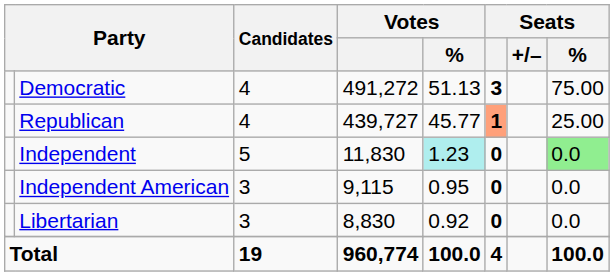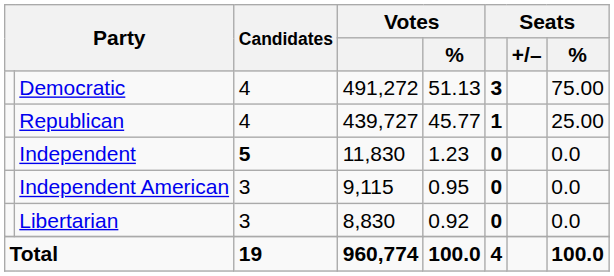 <table class="wikitable" style="font-size: 95%;">
 <tr>
 <th colspan="2" rowspan="2">Party</th>
 <th rowspan="2"><small>Candi</small><small>dates</small></th>
 <th colspan="2">Votes</th>
 <th colspan="3">Seats</th>
 </tr>
 <tr>
 <th></th>
 <th>%</th>
 <th></th>
 <th>+/–</th>
 <th>%</th>
 </tr>
 <tr>
 <td style="background:"></td>
 <td align="left"><a href='#'>Democratic</a></td>
 <td>4</td>
 <td>491,272</td>
 <td>51.13</td>
 <td><strong>3</strong></td>
 <td></td>
 <td>75.00</td>
 </tr>
 <tr>
 <td style="background:"></td>
 <td align="left"><a href='#'>Republican</a></td>
 <td>4</td>
 <td>439,727</td>
 <td>45.77</td>
-<td style="background: lightsalmon;"><strong>1</strong></td>
+<td><strong>1</strong></td>
 <td></td>
 <td>25.00</td>
 </tr>
 <tr>
 <td style="background:"></td>
 <td align="left"><a href='#'>Independent</a></td>
-<td>5</td>
+<td><strong>5</strong></td>
 <td>11,830</td>
-<td style="background: paleturquoise;">1.23</td>
+<td>1.23</td>
 <td><strong>0</strong></td>
 <td></td>
-<td style="background: lightgreen;">0.0</td>
+<td>0.0</td>
 </tr>
 <tr>
 <td style="background:"></td>
 <td align="left"><a href='#'>Independent American</a></td>
 <td>3</td>
 <td>9,115</td>
 <td>0.95</td>
 <td><strong>0</strong></td>
 <td></td>
 <td>0.0</td>
 </tr>
 <tr>
 <td style="background:"></td>
 <td align="left"><a href='#'>Libertarian</a></td>
 <td>3</td>
 <td>8,830</td>
 <td>0.92</td>
 <td><strong>0</strong></td>
 <td></td>
 <td>0.0</td>
 </tr>
 <tr>
 </tr>
 <tr style="font-weight:bold">
 <td colspan="2" align="left">Total</td>
 <td>19</td>
 <td>960,774</td>
 <td>100.0</td>
 <td>4</td>
 <td></td>
 <td>100.0</td>
 </tr>
 </table>
